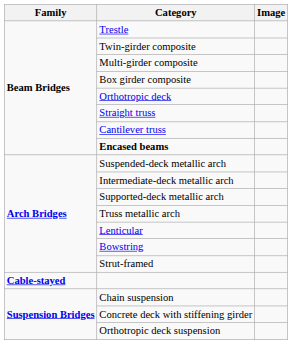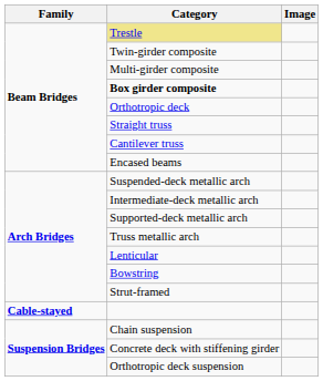 <table class="wikitable" summary="Classification of metallic bridges">
 <tr>
 <th>Family</th>
 <th>Category</th>
 <th>Image</th>
 </tr>
 <tr>
 <td rowspan="8"><strong>Beam Bridges</strong></td>
-<td><a href='#'>Trestle</a></td>
+<td style="background: khaki;"><a href='#'>Trestle</a></td>
 <td></td>
 </tr>
 <tr>
 <td>Twin-girder composite</td>
 <td></td>
 </tr>
 <tr>
 <td>Multi-girder composite</td>
 <td></td>
 </tr>
 <tr>
-<td>Box girder composite</td>
+<td><strong>Box girder composite</strong></td>
 <td></td>
 </tr>
 <tr>
 <td><a href='#'>Orthotropic deck</a></td>
 <td></td>
 </tr>
 <tr>
 <td><a href='#'>Straight truss</a></td>
 <td></td>
 </tr>
 <tr>
 <td><a href='#'>Cantilever truss</a></td>
 <td></td>
 </tr>
 <tr>
-<td><strong>Encased beams</strong></td>
+<td>Encased beams</td>
 <td></td>
 </tr>
 <tr>
 <td rowspan="7"><strong><a href='#'>Arch Bridges</a></strong></td>
 <td>Suspended-deck metallic arch</td>
 <td></td>
 </tr>
 <tr>
 <td>Intermediate-deck metallic arch</td>
 <td></td>
 </tr>
 <tr>
 <td>Supported-deck metallic arch</td>
 <td></td>
 </tr>
 <tr>
 <td>Truss metallic arch</td>
 <td></td>
 </tr>
 <tr>
 <td><a href='#'>Lenticular</a></td>
 <td></td>
 </tr>
 <tr>
 <td><a href='#'>Bowstring</a></td>
 <td></td>
 </tr>
 <tr>
 <td>Strut-framed</td>
 <td></td>
 </tr>
 <tr>
 <td><strong><a href='#'>Cable-stayed</a></strong></td>
 <td></td>
 </tr>
 <tr>
 <td rowspan="3"><strong><a href='#'>Suspension Bridges</a></strong></td>
 <td>Chain suspension</td>
 <td></td>
 </tr>
 <tr>
 <td>Concrete deck with stiffening girder</td>
 <td></td>
 </tr>
 <tr>
 <td>Orthotropic deck suspension</td>
 <td></td>
 </tr>
 </table>
